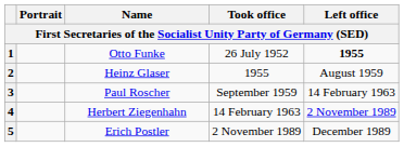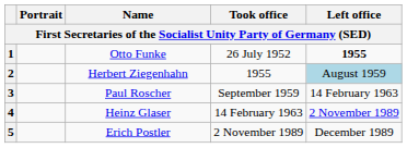 <table class="wikitable" style="text-align:center">
 <tr>
 <th></th>
 <th>Portrait</th>
 <th width=180>Name<br></th>
 <th>Took office</th>
 <th>Left office</th>
 </tr>
 <tr>
 <th colspan=5>First Secretaries of the <a href='#'>Socialist Unity Party of Germany</a> (SED)</th>
 </tr>
 <tr>
 <th style="background:">1</th>
 <td></td>
 <td><a href='#'>Otto Funke</a><br></td>
 <td>26 July 1952</td>
 <td><strong>1955<br></strong></td>
 </tr>
 <tr>
 <th style="background:">2</th>
 <td></td>
-<td><a href='#'>Heinz Glaser</a><br></td>
+<td><a href='#'>Herbert Ziegenhahn</a><br></td>
 <td>1955</td>
-<td>August 1959<br></td>
+<td style="background: lightblue;">August 1959<br></td>
 </tr>
 <tr>
 <th style="background:">3</th>
 <td></td>
 <td><a href='#'>Paul Roscher</a><br></td>
 <td>September 1959</td>
 <td>14 February 1963<br></td>
 </tr>
 <tr>
 <th style="background:">4</th>
 <td></td>
-<td><a href='#'>Herbert Ziegenhahn</a><br></td>
+<td><a href='#'>Heinz Glaser</a><br></td>
 <td>14 February 1963</td>
 <td><a href='#'>2 November 1989<br></a></td>
 </tr>
 <tr>
 <th style="background:">5</th>
 <td></td>
 <td><a href='#'>Erich Postler</a><br></td>
 <td>2 November 1989</td>
 <td>December 1989</td>
 </tr>
 </table>
